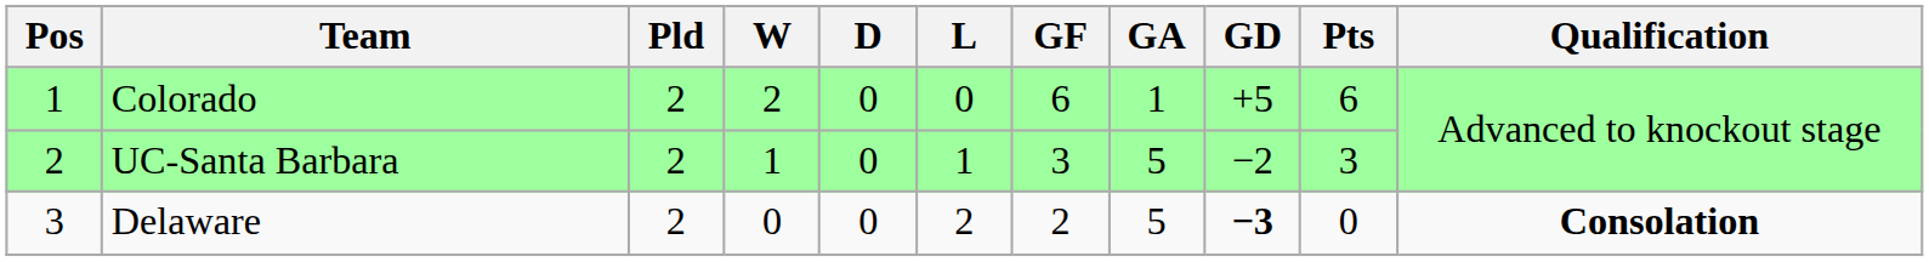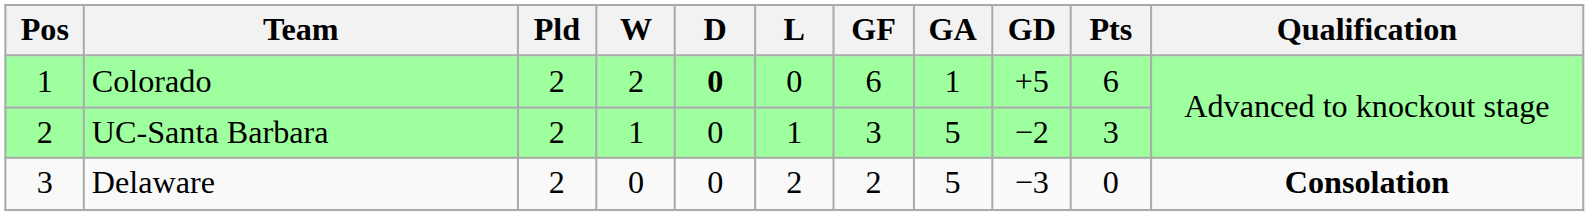 <table class="wikitable" style="text-align:center; margin: 1em auto">
 <tr>
 <th style="width:2em">Pos</th>
 <th style="width:13em">Team</th>
 <th style="width:2em">Pld</th>
 <th style="width:2em">W</th>
 <th style="width:2em">D</th>
 <th style="width:2em">L</th>
 <th style="width:2em">GF</th>
 <th style="width:2em">GA</th>
 <th style="width:2em">GD</th>
 <th style="width:2em">Pts</th>
 <th style="width:13em">Qualification</th>
 </tr>
 <tr bgcolor="#9eff9e">
 <td>1</td>
 <td style="text-align:left">Colorado</td>
 <td>2</td>
 <td>2</td>
-<td>0</td>
+<td><strong>0</strong></td>
 <td>0</td>
 <td>6</td>
 <td>1</td>
 <td>+5</td>
 <td>6</td>
 <td rowspan="2">Advanced to knockout stage</td>
 </tr>
 <tr bgcolor="#9eff9e">
 <td>2</td>
 <td style="text-align:left">UC-Santa Barbara</td>
 <td>2</td>
 <td>1</td>
 <td>0</td>
 <td>1</td>
 <td>3</td>
 <td>5</td>
 <td>−2</td>
 <td>3</td>
 </tr>
 <tr>
 <td>3</td>
 <td style="text-align:left">Delaware</td>
 <td>2</td>
 <td>0</td>
 <td>0</td>
 <td>2</td>
 <td>2</td>
 <td>5</td>
-<td><strong>−3</strong></td>
+<td>−3</td>
 <td>0</td>
 <td><strong>Consolation</strong></td>
 </tr>
 </table>
